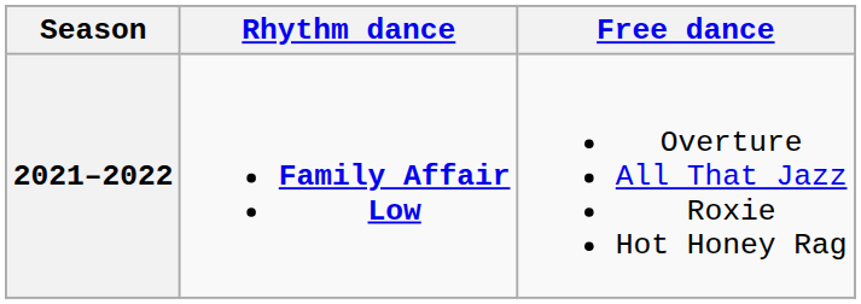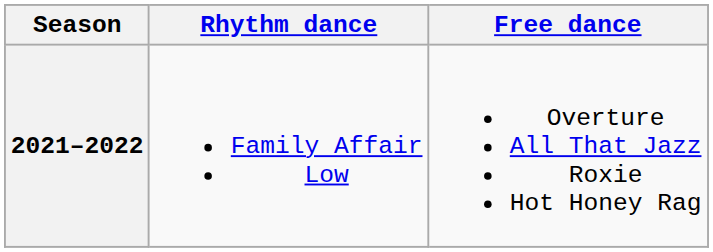 <table class=wikitable style=text-align:center>
 <tr>
 <th>Season</th>
 <th><a href='#'>Rhythm dance</a></th>
 <th><a href='#'>Free dance</a></th>
 </tr>
 <tr>
 <th>2021–2022 <br> </th>
-<td><strong><br><ul><li> <a href='#'>Family Affair</a> <br> </li><li><a href='#'>Low</a> <br> </li></ul></strong></td>
+<td><br><ul><li> <a href='#'>Family Affair</a> <br> </li><li><a href='#'>Low</a> <br> </li></ul></td>
 <td><br><ul><li>Overture</li><li><a href='#'>All That Jazz</a> <br> </li><li>Roxie <br></li><li>Hot Honey Rag <br></li></ul></td>
 </tr>
 </table>
